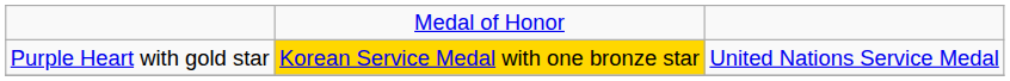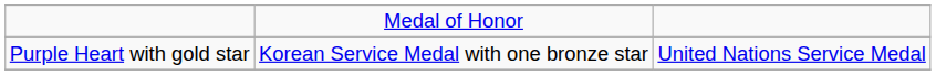 <table class="wikitable" style="margin:1em auto; text-align:center;">
 <tr>
 <td></td>
 <td><a href='#'>Medal of Honor</a></td>
 <td></td>
 </tr>
 <tr>
 <td><a href='#'>Purple Heart</a> with gold star</td>
-<td style="background: gold;"><a href='#'>Korean Service Medal</a> with one bronze star</td>
+<td><a href='#'>Korean Service Medal</a> with one bronze star</td>
 <td><a href='#'>United Nations Service Medal</a></td>
 </tr>
 <tr>
 </tr>
 </table>
